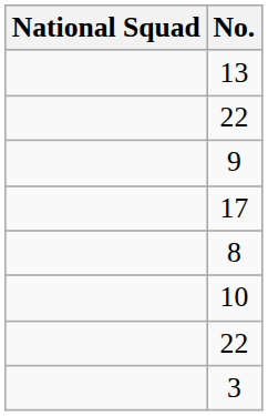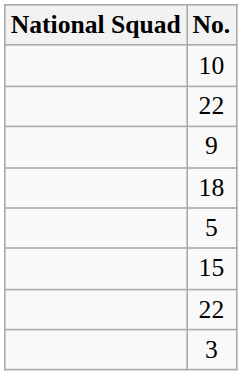 <table class="wikitable sortable">
 <tr>
 <th>National Squad</th>
 <th>No.</th>
 </tr>
 <tr>
 <td></td>
-<td style="text-align:center;">13</td>
+<td style="text-align:center;">10</td>
 </tr>
 <tr>
 <td></td>
 <td style="text-align:center;">22</td>
 </tr>
 <tr>
 <td></td>
 <td style="text-align:center;">9</td>
 </tr>
 <tr>
 <td></td>
-<td style="text-align:center;">17</td>
+<td style="text-align:center;">18</td>
 </tr>
 <tr>
 <td></td>
-<td style="text-align:center;">8</td>
+<td style="text-align:center;">5</td>
 </tr>
 <tr>
 <td></td>
-<td style="text-align:center;">10</td>
+<td style="text-align:center;">15</td>
 </tr>
 <tr>
 <td></td>
 <td style="text-align:center;">22</td>
 </tr>
 <tr>
 <td></td>
 <td style="text-align:center;">3</td>
 </tr>
 </table>
